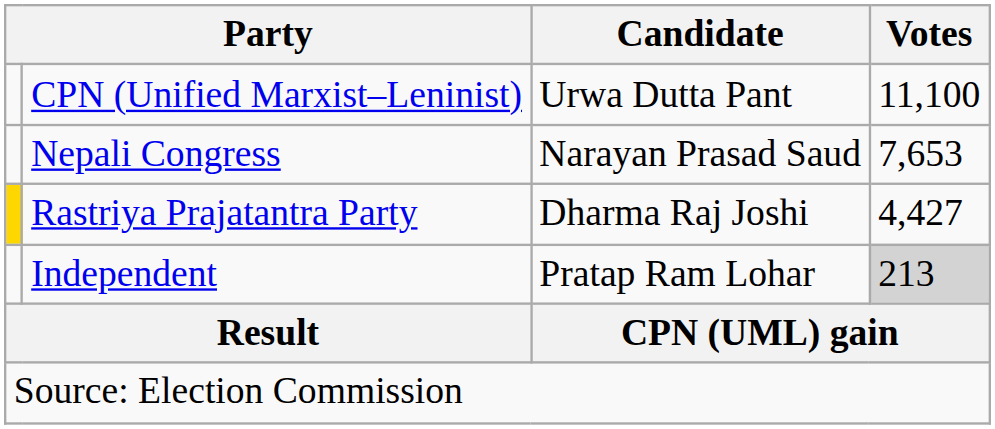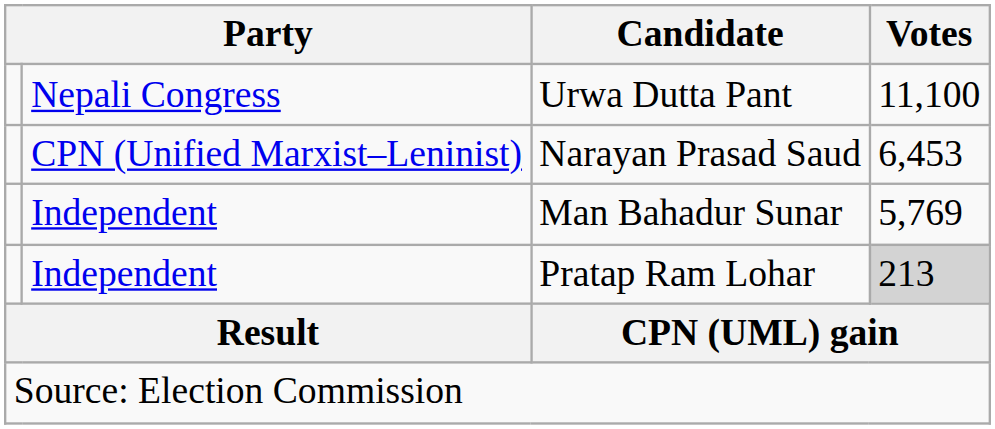 <table class="wikitable">
 <tr>
 <th colspan="2">Party</th>
 <th>Candidate</th>
 <th>Votes</th>
 </tr>
 <tr>
 <td style="background-color:"></td>
-<td><a href='#'>CPN (Unified Marxist–Leninist)</a></td>
+<td><a href='#'>Nepali Congress</a></td>
 <td>Urwa Dutta Pant</td>
 <td>11,100</td>
 </tr>
 <tr>
 <td style="background-color:"></td>
-<td><a href='#'>Nepali Congress</a></td>
+<td><a href='#'>CPN (Unified Marxist–Leninist)</a></td>
 <td>Narayan Prasad Saud</td>
-<td>7,653</td>
+<td>6,453</td>
 </tr>
 <tr>
-<td style="background-color:gold"></td>
-<td><a href='#'>Rastriya Prajatantra Party</a></td>
-<td>Dharma Raj Joshi</td>
-<td>4,427</td>
+<td style="background-color:"></td>
+<td><a href='#'>Independent</a></td>
+<td>Man Bahadur Sunar</td>
+<td>5,769</td>
 </tr>
 <tr>
 <td></td>
 <td><a href='#'>Independent</a></td>
 <td>Pratap Ram Lohar</td>
 <td style="background: lightgrey;">213</td>
 </tr>
 <tr>
 <th colspan="2">Result</th>
 <th colspan="2">CPN (UML) gain</th>
 </tr>
 <tr>
 <td colspan="4">Source: Election Commission</td>
 </tr>
 </table>
